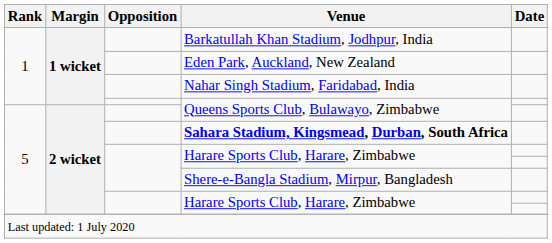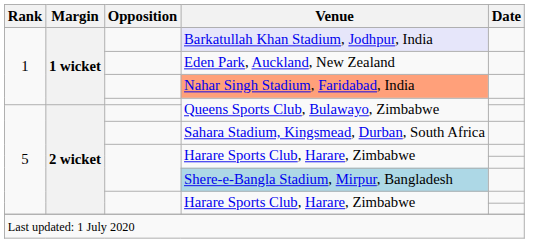 <table class="wikitable plainrowheaders sortable">
 <tr>
 <th scope=col>Rank</th>
 <th scope=col>Margin</th>
 <th scope=col>Opposition</th>
 <th scope=col>Venue</th>
 <th scope=col>Date</th>
 </tr>
 <tr>
 <td style="text-align:center" rowspan=4>1</td>
 <th scope=row style=text-align:center; rowspan=4>1 wicket</th>
 <td></td>
-<td><a href='#'>Barkatullah Khan Stadium</a>, <a href='#'>Jodhpur</a>, India</td>
+<td style="background: lavender;"><a href='#'>Barkatullah Khan Stadium</a>, <a href='#'>Jodhpur</a>, India</td>
 <td></td>
 </tr>
 <tr>
 <td></td>
 <td><a href='#'>Eden Park</a>, <a href='#'>Auckland</a>, New Zealand</td>
 <td></td>
 </tr>
 <tr>
 <td></td>
-<td><a href='#'>Nahar Singh Stadium</a>, <a href='#'>Faridabad</a>, India</td>
+<td style="background: lightsalmon;"><a href='#'>Nahar Singh Stadium</a>, <a href='#'>Faridabad</a>, India</td>
 <td></td>
 </tr>
 <tr>
 <td></td>
 <td rowspan=2><a href='#'>Queens Sports Club</a>, <a href='#'>Bulawayo</a>, Zimbabwe</td>
 <td></td>
 </tr>
 <tr>
 <td style="text-align:center" rowspan=7>5</td>
 <th scope=row style=text-align:center; rowspan=7>2 wicket</th>
 <td></td>
 <td></td>
 </tr>
 <tr>
 <td></td>
-<td><strong><a href='#'>Sahara Stadium, Kingsmead</a>, <a href='#'>Durban</a>, South Africa</strong></td>
+<td><a href='#'>Sahara Stadium, Kingsmead</a>, <a href='#'>Durban</a>, South Africa</td>
 <td></td>
 </tr>
 <tr>
 <td rowspan=3></td>
 <td rowspan=2><a href='#'>Harare Sports Club</a>, <a href='#'>Harare</a>, Zimbabwe</td>
 <td></td>
 </tr>
 <tr>
 <td></td>
 </tr>
 <tr>
-<td><a href='#'>Shere-e-Bangla Stadium</a>, <a href='#'>Mirpur</a>, Bangladesh</td>
+<td style="background: lightblue;"><a href='#'>Shere-e-Bangla Stadium</a>, <a href='#'>Mirpur</a>, Bangladesh</td>
 <td></td>
 </tr>
 <tr>
 <td rowspan=2></td>
 <td rowspan=2><a href='#'>Harare Sports Club</a>, <a href='#'>Harare</a>, Zimbabwe</td>
 <td></td>
 </tr>
 <tr>
 <td></td>
 </tr>
 <tr>
 </tr>
 <tr class=sortbottom>
 <td colspan=6><small>Last updated: 1 July 2020</small></td>
 </tr>
 </table>
